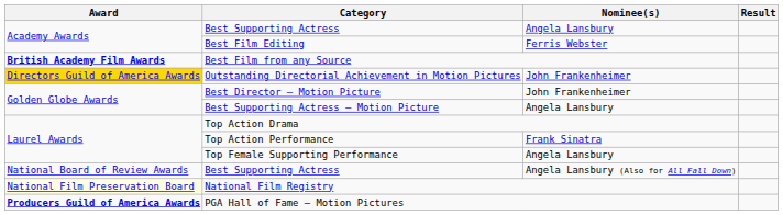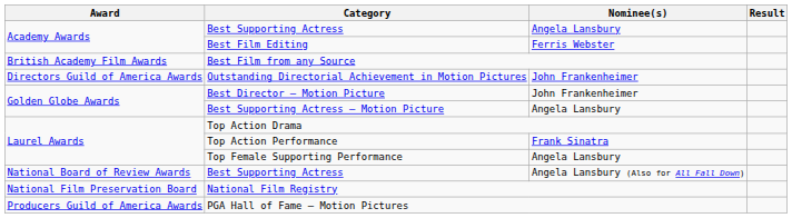 <table class="wikitable plainrowheaders">
 <tr>
 <th>Award</th>
 <th>Category</th>
 <th>Nominee(s)</th>
 <th>Result</th>
 </tr>
 <tr>
 <td rowspan="2"><a href='#'>Academy Awards</a></td>
 <td><a href='#'>Best Supporting Actress</a></td>
 <td><a href='#'>Angela Lansbury</a></td>
 <td></td>
 </tr>
 <tr>
 <td><a href='#'>Best Film Editing</a></td>
 <td><a href='#'>Ferris Webster</a></td>
 <td></td>
 </tr>
 <tr>
-<td><strong><a href='#'>British Academy Film Awards</a></strong></td>
+<td><a href='#'>British Academy Film Awards</a></td>
 <td colspan="2"><a href='#'>Best Film from any Source</a></td>
 <td></td>
 </tr>
 <tr>
-<td style="background: gold;"><a href='#'>Directors Guild of America Awards</a></td>
+<td><a href='#'>Directors Guild of America Awards</a></td>
 <td><a href='#'>Outstanding Directorial Achievement in Motion Pictures</a></td>
 <td><a href='#'>John Frankenheimer</a></td>
 <td></td>
 </tr>
 <tr>
 <td rowspan="2"><a href='#'>Golden Globe Awards</a></td>
 <td><a href='#'>Best Director – Motion Picture</a></td>
 <td>John Frankenheimer</td>
 <td></td>
 </tr>
 <tr>
 <td><a href='#'>Best Supporting Actress – Motion Picture</a></td>
 <td>Angela Lansbury</td>
 <td></td>
 </tr>
 <tr>
 <td rowspan="3"><a href='#'>Laurel Awards</a></td>
 <td colspan="2">Top Action Drama</td>
 <td></td>
 </tr>
 <tr>
 <td>Top Action Performance</td>
 <td><a href='#'>Frank Sinatra</a></td>
 <td></td>
 </tr>
 <tr>
 <td>Top Female Supporting Performance</td>
 <td>Angela Lansbury</td>
 <td></td>
 </tr>
 <tr>
 <td><a href='#'>National Board of Review Awards</a></td>
 <td><a href='#'>Best Supporting Actress</a></td>
 <td>Angela Lansbury <small>(Also for <em><a href='#'>All Fall Down</a></em>)</small></td>
 <td></td>
 </tr>
 <tr>
-<td style="background: lightyellow;"><a href='#'>National Film Preservation Board</a></td>
+<td><a href='#'>National Film Preservation Board</a></td>
 <td colspan="2"><a href='#'>National Film Registry</a></td>
 <td></td>
 </tr>
 <tr>
-<td><strong><a href='#'>Producers Guild of America Awards</a></strong></td>
+<td><a href='#'>Producers Guild of America Awards</a></td>
 <td colspan="2">PGA Hall of Fame – Motion Pictures</td>
 <td></td>
 </tr>
 </table>
